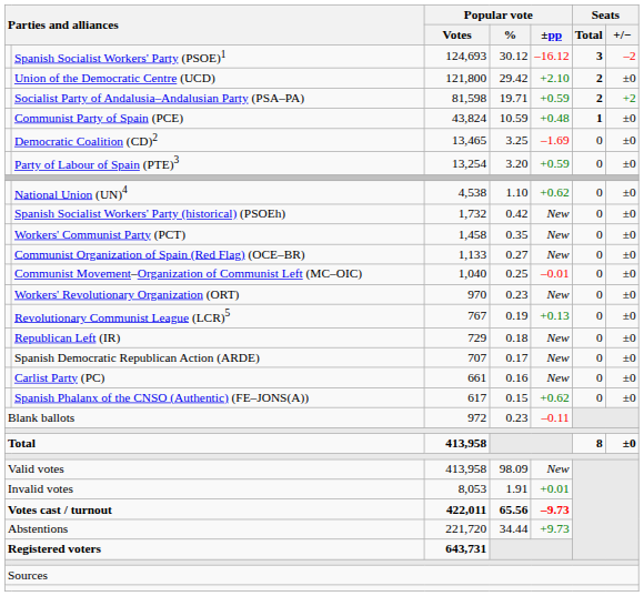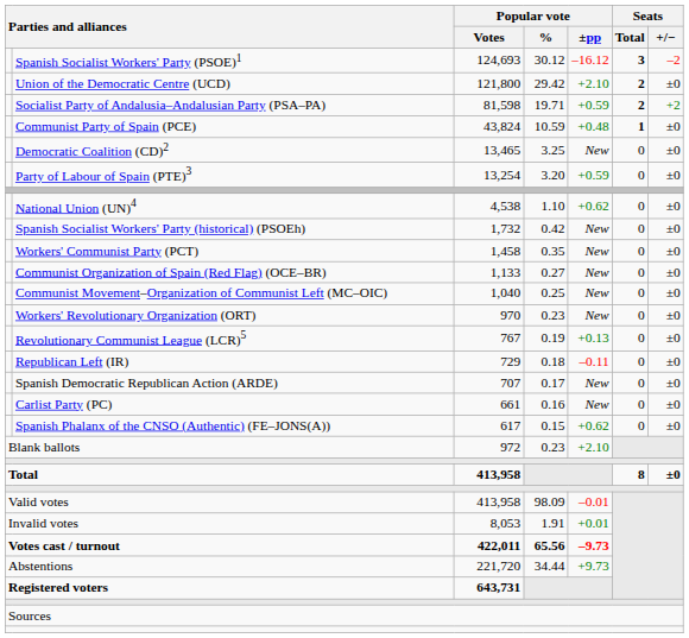 <table class="wikitable" style="text-align:right;">
 <tr>
 <th style="text-align:left;" rowspan="2" colspan="2" width="525">Parties and alliances</th>
 <th colspan="3">Popular vote</th>
 <th colspan="2">Seats</th>
 </tr>
 <tr>
 <th width="75">Votes</th>
 <th width="45">%</th>
 <th width="45">±<a href='#'>pp</a></th>
 <th width="35">Total</th>
 <th width="35">+/−</th>
 </tr>
 <tr>
 <td width="1" style="color:inherit;background:"></td>
 <td align="left"><a href='#'>Spanish Socialist Workers' Party</a> (PSOE)<sup>1</sup></td>
 <td>124,693</td>
 <td>30.12</td>
 <td style="color:red;">–16.12</td>
 <td><strong>3</strong></td>
 <td style="color:red;">–2</td>
 </tr>
 <tr>
 <td style="color:inherit;background:"></td>
 <td align="left"><a href='#'>Union of the Democratic Centre</a> (UCD)</td>
 <td>121,800</td>
 <td>29.42</td>
 <td style="color:green;">+2.10</td>
 <td><strong>2</strong></td>
 <td>±0</td>
 </tr>
 <tr>
 <td style="color:inherit;background:"></td>
 <td align="left"><a href='#'>Socialist Party of Andalusia–Andalusian Party</a> (PSA–PA)</td>
 <td>81,598</td>
 <td>19.71</td>
 <td style="color:green;">+0.59</td>
 <td><strong>2</strong></td>
 <td style="color:green;">+2</td>
 </tr>
 <tr>
 <td style="color:inherit;background:"></td>
 <td align="left"><a href='#'>Communist Party of Spain</a> (PCE)</td>
 <td>43,824</td>
 <td>10.59</td>
 <td style="color:green;">+0.48</td>
 <td><strong>1</strong></td>
 <td>±0</td>
 </tr>
 <tr>
 <td style="color:inherit;background:"></td>
 <td align="left"><a href='#'>Democratic Coalition</a> (CD)<sup>2</sup></td>
 <td>13,465</td>
 <td>3.25</td>
-<td style="color:red;">–1.69</td>
+<td><em>New</em></td>
 <td>0</td>
 <td>±0</td>
 </tr>
 <tr>
 <td style="color:inherit;background:"></td>
 <td align="left"><a href='#'>Party of Labour of Spain</a> (PTE)<sup>3</sup></td>
 <td>13,254</td>
 <td>3.20</td>
 <td style="color:green;">+0.59</td>
 <td>0</td>
 <td>±0</td>
 </tr>
 <tr>
 <td colspan="7" bgcolor="#C0C0C0"></td>
 </tr>
 <tr>
 <td style="color:inherit;background:"></td>
 <td align="left"><a href='#'>National Union</a> (UN)<sup>4</sup></td>
 <td>4,538</td>
 <td>1.10</td>
 <td style="color:green;">+0.62</td>
 <td>0</td>
 <td>±0</td>
 </tr>
 <tr>
 <td style="color:inherit;background:"></td>
 <td align="left"><a href='#'>Spanish Socialist Workers' Party (historical)</a> (PSOEh)</td>
 <td>1,732</td>
 <td>0.42</td>
 <td><em>New</em></td>
 <td>0</td>
 <td>±0</td>
 </tr>
 <tr>
 <td style="color:inherit;background:"></td>
 <td align="left"><a href='#'>Workers' Communist Party</a> (PCT)</td>
 <td>1,458</td>
 <td>0.35</td>
 <td><em>New</em></td>
 <td>0</td>
 <td>±0</td>
 </tr>
 <tr>
 <td style="color:inherit;background:"></td>
 <td align="left"><a href='#'>Communist Organization of Spain (Red Flag)</a> (OCE–BR)</td>
 <td>1,133</td>
 <td>0.27</td>
 <td><em>New</em></td>
 <td>0</td>
 <td>±0</td>
 </tr>
 <tr>
 <td style="color:inherit;background:"></td>
 <td align="left"><a href='#'>Communist Movement</a>–<a href='#'>Organization of Communist Left</a> (MC–OIC)</td>
 <td>1,040</td>
 <td>0.25</td>
-<td style="color:red;">–0.01</td>
+<td><em>New</em></td>
 <td>0</td>
 <td>±0</td>
 </tr>
 <tr>
 <td style="color:inherit;background:"></td>
 <td align="left"><a href='#'>Workers' Revolutionary Organization</a> (ORT)</td>
 <td>970</td>
 <td>0.23</td>
 <td><em>New</em></td>
 <td>0</td>
 <td>±0</td>
 </tr>
 <tr>
 <td style="color:inherit;background:"></td>
 <td align="left"><a href='#'>Revolutionary Communist League</a> (LCR)<sup>5</sup></td>
 <td>767</td>
 <td>0.19</td>
 <td style="color:green;">+0.13</td>
 <td>0</td>
 <td>±0</td>
 </tr>
 <tr>
 <td style="color:inherit;background:"></td>
 <td align="left"><a href='#'>Republican Left</a> (IR)</td>
 <td>729</td>
 <td>0.18</td>
-<td><em>New</em></td>
+<td style="color:red;">–0.11</td>
 <td>0</td>
 <td>±0</td>
 </tr>
 <tr>
 <td style="color:inherit;background:"></td>
 <td align="left">Spanish Democratic Republican Action (ARDE)</td>
 <td>707</td>
 <td>0.17</td>
 <td><em>New</em></td>
 <td>0</td>
 <td>±0</td>
 </tr>
 <tr>
 <td style="color:inherit;background:"></td>
 <td align="left"><a href='#'>Carlist Party</a> (PC)</td>
 <td>661</td>
 <td>0.16</td>
 <td><em>New</em></td>
 <td>0</td>
 <td>±0</td>
 </tr>
 <tr>
 <td style="color:inherit;background:"></td>
 <td align="left"><a href='#'>Spanish Phalanx of the CNSO (Authentic)</a> (FE–JONS(A))</td>
 <td>617</td>
 <td>0.15</td>
 <td style="color:green;">+0.62</td>
 <td>0</td>
 <td>±0</td>
 </tr>
 <tr>
 <td align="left" colspan="2">Blank ballots</td>
 <td>972</td>
 <td>0.23</td>
-<td style="color:red;">–0.11</td>
+<td style="color:green;">+2.10</td>
 <td bgcolor="#E9E9E9" colspan="2"></td>
 </tr>
 <tr>
 <td colspan="7" bgcolor="#E9E9E9"></td>
 </tr>
 <tr style="font-weight:bold;">
 <td align="left" colspan="2">Total</td>
 <td>413,958</td>
 <td bgcolor="#E9E9E9" colspan="2"></td>
 <td>8</td>
 <td>±0</td>
 </tr>
 <tr>
 <td colspan="7" bgcolor="#E9E9E9"></td>
 </tr>
 <tr>
 <td align="left" colspan="2">Valid votes</td>
 <td>413,958</td>
 <td>98.09</td>
-<td><em>New</em></td>
+<td style="color:red;">–0.01</td>
 <td bgcolor="#E9E9E9" colspan="2" rowspan="5"></td>
 </tr>
 <tr>
 <td align="left" colspan="2">Invalid votes</td>
 <td>8,053</td>
 <td>1.91</td>
 <td style="color:green;">+0.01</td>
 </tr>
 <tr style="font-weight:bold;">
 <td align="left" colspan="2">Votes cast / turnout</td>
 <td>422,011</td>
 <td>65.56</td>
 <td style="color:red;">–9.73</td>
 </tr>
 <tr>
 <td align="left" colspan="2">Abstentions</td>
 <td>221,720</td>
 <td>34.44</td>
 <td style="color:green;">+9.73</td>
 </tr>
 <tr style="font-weight:bold;">
 <td align="left" colspan="2">Registered voters</td>
 <td>643,731</td>
 <td bgcolor="#E9E9E9" colspan="2"></td>
 </tr>
 <tr>
 <td colspan="7" bgcolor="#E9E9E9"></td>
 </tr>
 <tr>
 <td align="left" colspan="7">Sources</td>
 </tr>
 <tr>
 <td colspan="7" style="text-align:left; max-width:790px;"></td>
 </tr>
 </table>
